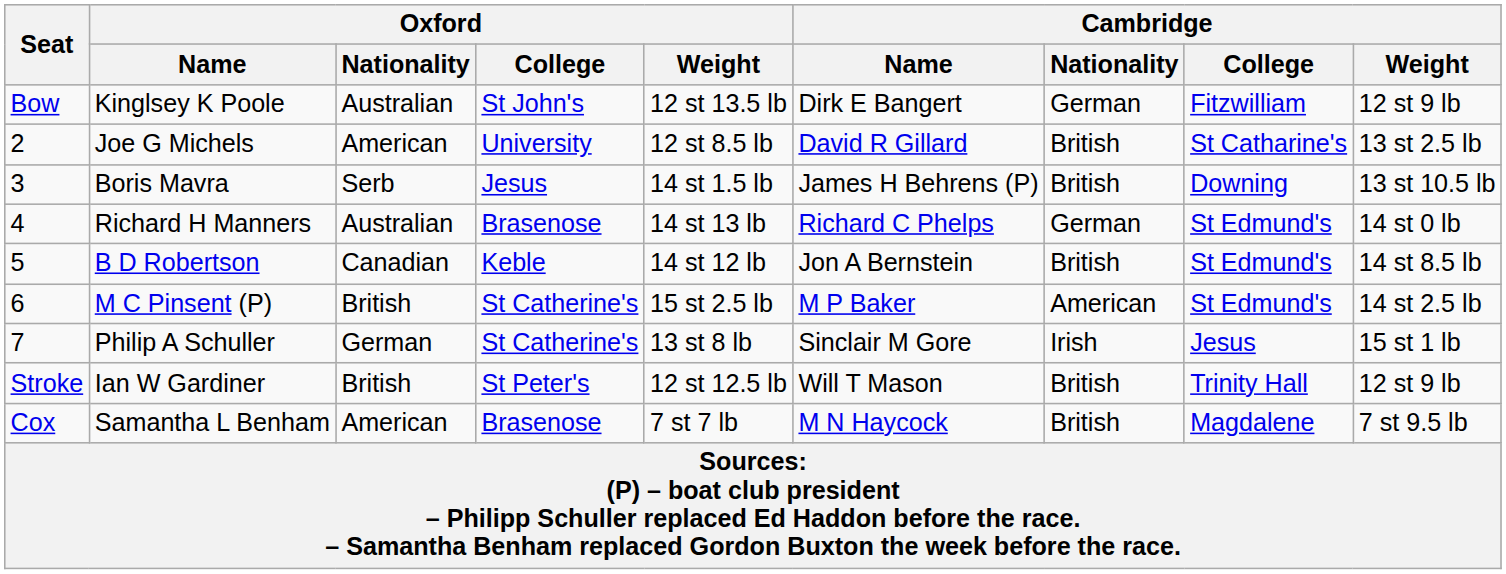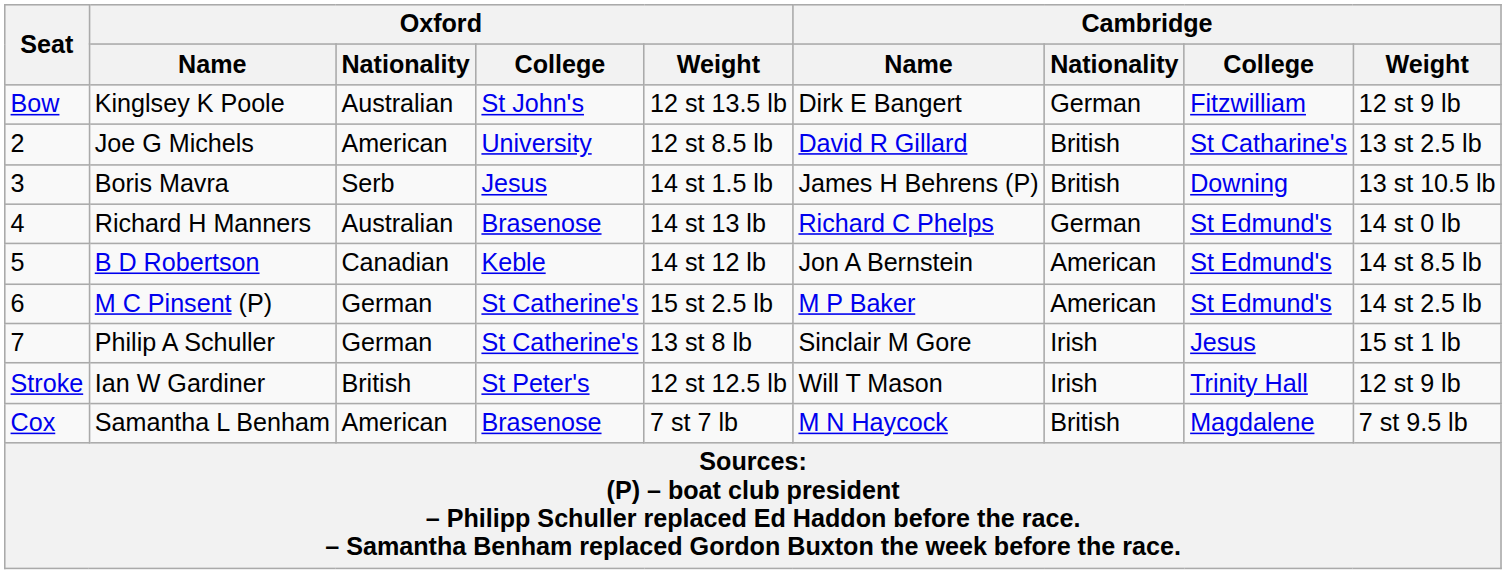 <table class="wikitable">
 <tr>
 <th rowspan="2" scope="col">Seat</th>
 <th colspan="4" scope="col">Oxford <br> </th>
 <th colspan="4" scope="col">Cambridge <br> </th>
 </tr>
 <tr>
 <th>Name</th>
 <th>Nationality</th>
 <th>College</th>
 <th>Weight</th>
 <th>Name</th>
 <th>Nationality</th>
 <th>College</th>
 <th>Weight</th>
 </tr>
 <tr>
 <td><a href='#'>Bow</a></td>
 <td>Kinglsey K Poole</td>
 <td>Australian</td>
 <td><a href='#'>St John's</a></td>
 <td>12 st 13.5 lb</td>
 <td>Dirk E Bangert</td>
 <td>German</td>
 <td><a href='#'>Fitzwilliam</a></td>
 <td>12 st 9 lb</td>
 </tr>
 <tr>
 <td>2</td>
 <td>Joe G Michels</td>
 <td>American</td>
 <td><a href='#'>University</a></td>
 <td>12 st 8.5 lb</td>
 <td><a href='#'>David R Gillard</a></td>
 <td>British</td>
 <td><a href='#'>St Catharine's</a></td>
 <td>13 st 2.5 lb</td>
 </tr>
 <tr>
 <td>3</td>
 <td>Boris Mavra</td>
 <td>Serb</td>
 <td><a href='#'>Jesus</a></td>
 <td>14 st 1.5 lb</td>
 <td>James H Behrens (P)</td>
 <td>British</td>
 <td><a href='#'>Downing</a></td>
 <td>13 st 10.5 lb</td>
 </tr>
 <tr>
 <td>4</td>
 <td>Richard H Manners</td>
 <td>Australian</td>
 <td><a href='#'>Brasenose</a></td>
 <td>14 st 13 lb</td>
 <td><a href='#'>Richard C Phelps</a></td>
 <td>German</td>
 <td><a href='#'>St Edmund's</a></td>
 <td>14 st 0 lb</td>
 </tr>
 <tr>
 <td>5</td>
 <td><a href='#'>B D Robertson</a></td>
 <td>Canadian</td>
 <td><a href='#'>Keble</a></td>
 <td>14 st 12 lb</td>
 <td>Jon A Bernstein</td>
-<td>British</td>
+<td>American</td>
 <td><a href='#'>St Edmund's</a></td>
 <td>14 st 8.5 lb</td>
 </tr>
 <tr>
 <td>6</td>
 <td><a href='#'>M C Pinsent</a> (P)</td>
-<td>British</td>
+<td>German</td>
 <td><a href='#'>St Catherine's</a></td>
 <td>15 st 2.5 lb</td>
 <td><a href='#'>M P Baker</a></td>
 <td>American</td>
 <td><a href='#'>St Edmund's</a></td>
 <td>14 st 2.5 lb</td>
 </tr>
 <tr>
 <td>7</td>
 <td>Philip A Schuller </td>
 <td>German</td>
 <td><a href='#'>St Catherine's</a></td>
 <td>13 st 8 lb</td>
 <td>Sinclair M Gore</td>
 <td>Irish</td>
 <td><a href='#'>Jesus</a></td>
 <td>15 st 1 lb</td>
 </tr>
 <tr>
 <td><a href='#'>Stroke</a></td>
 <td>Ian W Gardiner</td>
 <td>British</td>
 <td><a href='#'>St Peter's</a></td>
 <td>12 st 12.5 lb</td>
 <td>Will T Mason</td>
-<td>British</td>
+<td>Irish</td>
 <td><a href='#'>Trinity Hall</a></td>
 <td>12 st 9 lb</td>
 </tr>
 <tr>
 <td><a href='#'>Cox</a></td>
 <td>Samantha L Benham </td>
 <td>American</td>
 <td><a href='#'>Brasenose</a></td>
 <td>7 st 7 lb</td>
 <td><a href='#'>M N Haycock</a></td>
 <td>British</td>
 <td><a href='#'>Magdalene</a></td>
 <td>7 st 9.5 lb</td>
 </tr>
 <tr>
 <th colspan="9">Sources:<br>(P) – boat club president<br> – Philipp Schuller replaced Ed Haddon before the race.<br> – Samantha Benham replaced Gordon Buxton the week before the race.</th>
 </tr>
 </table>
